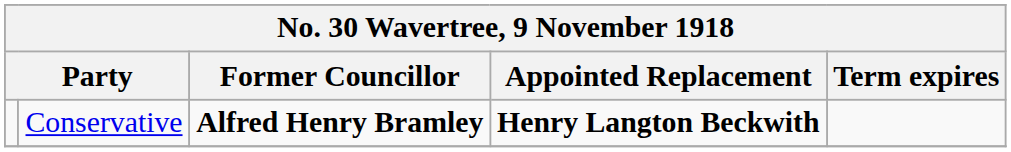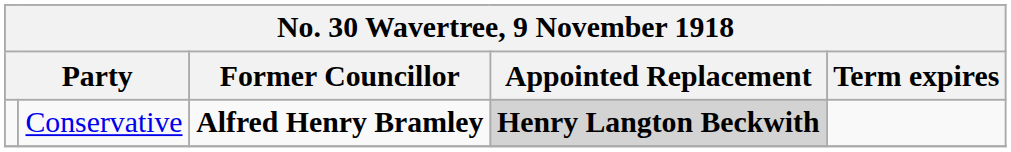 <table class="wikitable">
 <tr>
 <th colspan="5"><strong>No. 30 Wavertree, 9 November 1918</strong></th>
 </tr>
 <tr>
 <th colspan="2">Party</th>
 <th>Former Councillor</th>
 <th>Appointed Replacement</th>
 <th>Term expires</th>
 </tr>
 <tr>
 <td style="background-color:"></td>
 <td><a href='#'>Conservative</a></td>
 <td><strong>Alfred Henry Bramley</strong></td>
-<td><strong>Henry Langton Beckwith</strong></td>
+<td style="background: lightgrey;"><strong>Henry Langton Beckwith</strong></td>
 <td></td>
 </tr>
 <tr>
 </tr>
 </table>
